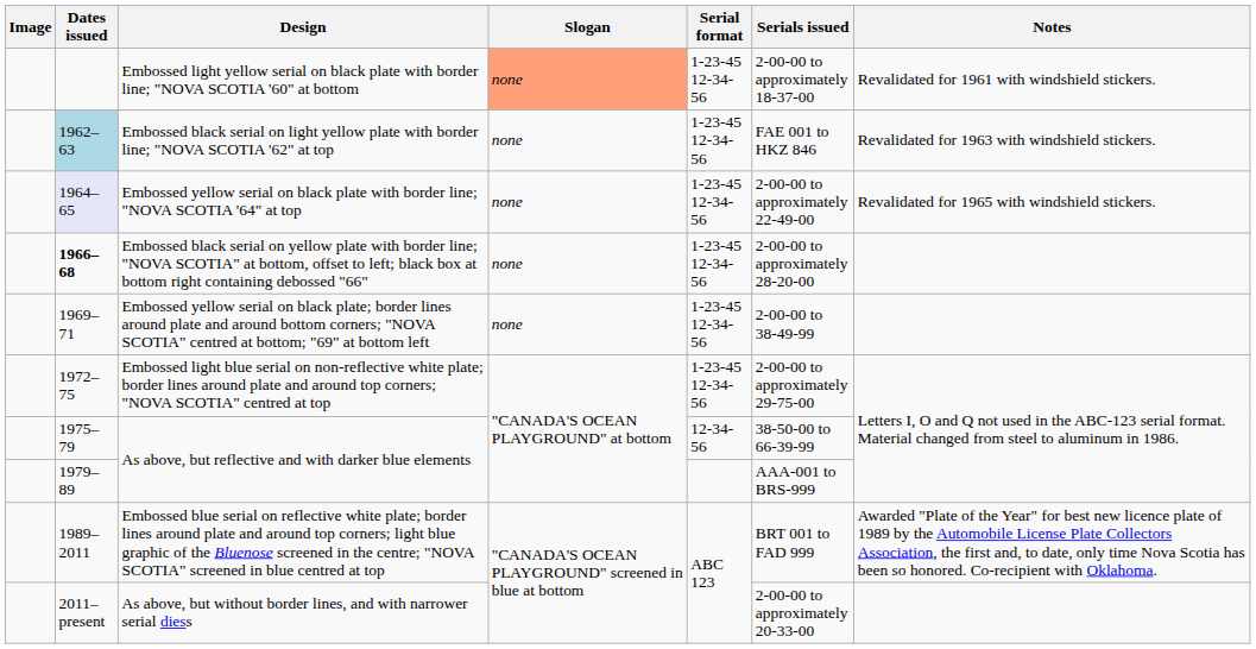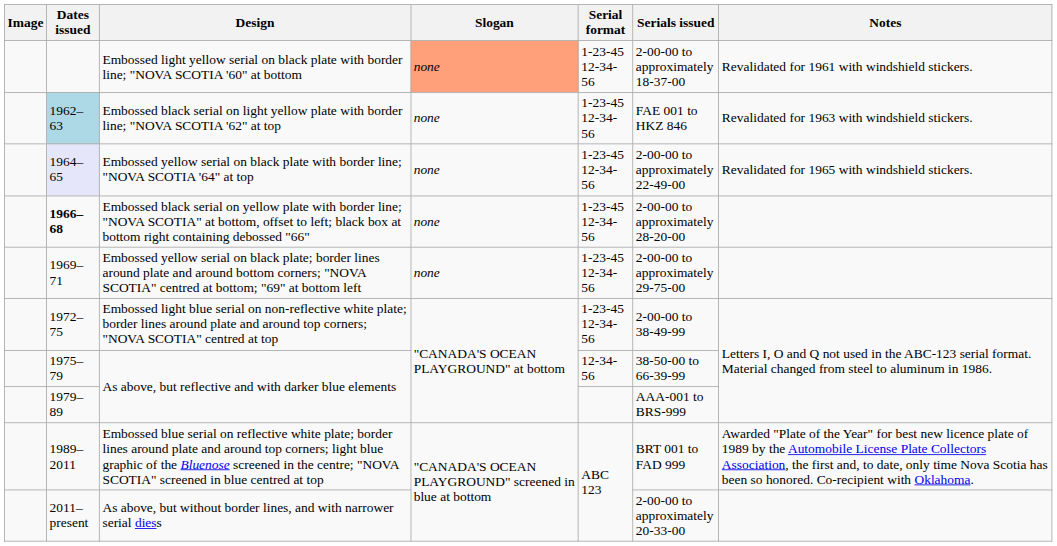 <table class="wikitable">
 <tr>
 <th>Image</th>
 <th>Dates issued</th>
 <th>Design</th>
 <th>Slogan</th>
 <th>Serial format</th>
 <th style="width:95px;">Serials issued</th>
 <th>Notes</th>
 </tr>
 <tr>
 <td></td>
 <td></td>
 <td>Embossed light yellow serial on black plate with border line; "NOVA SCOTIA '60" at bottom</td>
 <td style="background: lightsalmon;"><em>none</em></td>
 <td>1-23-45<br>12-34-56</td>
 <td>2-00-00 to approximately 18-37-00</td>
 <td>Revalidated for 1961 with windshield stickers.</td>
 </tr>
 <tr>
 <td></td>
 <td style="background: lightblue;">1962–63</td>
 <td>Embossed black serial on light yellow plate with border line; "NOVA SCOTIA '62" at top</td>
 <td><em>none</em></td>
 <td>1-23-45<br>12-34-56</td>
 <td>FAE 001 to HKZ 846 </td>
 <td>Revalidated for 1963 with windshield stickers.</td>
 </tr>
 <tr>
 <td></td>
 <td style="background: lavender;">1964–65</td>
 <td>Embossed yellow serial on black plate with border line; "NOVA SCOTIA '64" at top</td>
 <td><em>none</em></td>
 <td>1-23-45<br>12-34-56</td>
 <td>2-00-00 to approximately 22-49-00</td>
 <td>Revalidated for 1965 with windshield stickers.</td>
 </tr>
 <tr>
 <td></td>
 <td><strong>1966–68</strong></td>
 <td>Embossed black serial on yellow plate with border line; "NOVA SCOTIA" at bottom, offset to left; black box at bottom right containing debossed "66"</td>
 <td><em>none</em></td>
 <td>1-23-45<br>12-34-56</td>
 <td>2-00-00 to approximately 28-20-00</td>
 <td></td>
 </tr>
 <tr>
 <td></td>
 <td>1969–71</td>
 <td>Embossed yellow serial on black plate; border lines around plate and around bottom corners; "NOVA SCOTIA" centred at bottom; "69" at bottom left</td>
 <td><em>none</em></td>
 <td>1-23-45<br>12-34-56</td>
-<td>2-00-00 to<br>38-49-99</td>
+<td>2-00-00 to approximately 29-75-00</td>
 <td></td>
 </tr>
 <tr>
 <td></td>
 <td>1972–75</td>
 <td>Embossed light blue serial on non-reflective white plate; border lines around plate and around top corners; "NOVA SCOTIA" centred at top</td>
 <td rowspan="3">"CANADA'S OCEAN PLAYGROUND" at bottom</td>
 <td>1-23-45<br>12-34-56</td>
-<td>2-00-00 to approximately 29-75-00</td>
+<td>2-00-00 to<br>38-49-99</td>
 <td rowspan="3">Letters I, O and Q not used in the ABC-123 serial format. Material changed from steel to aluminum in 1986.</td>
 </tr>
 <tr>
 <td></td>
 <td>1975–79</td>
 <td rowspan="2">As above, but reflective and with darker blue elements</td>
 <td>12-34-56</td>
 <td>38-50-00 to<br>66-39-99</td>
 </tr>
 <tr>
 <td></td>
 <td>1979–89</td>
 <td></td>
 <td>AAA-001 to BRS-999</td>
 </tr>
 <tr>
 <td></td>
 <td>1989–2011</td>
 <td>Embossed blue serial on reflective white plate; border lines around plate and around top corners; light blue graphic of the <em><a href='#'>Bluenose</a></em> screened in the centre; "NOVA SCOTIA" screened in blue centred at top</td>
 <td rowspan="2">"CANADA'S OCEAN PLAYGROUND" screened in blue at bottom</td>
 <td rowspan="2">ABC 123</td>
 <td>BRT 001 to FAD 999</td>
 <td>Awarded "Plate of the Year" for best new licence plate of 1989 by the <a href='#'>Automobile License Plate Collectors Association</a>, the first and, to date, only time Nova Scotia has been so honored. Co-recipient with <a href='#'>Oklahoma</a>.</td>
 </tr>
 <tr>
 <td></td>
 <td>2011–present</td>
 <td>As above, but without border lines, and with narrower serial <a href='#'>dies</a>s</td>
 <td>2-00-00 to approximately 20-33-00</td>
 <td></td>
 </tr>
 </table>
